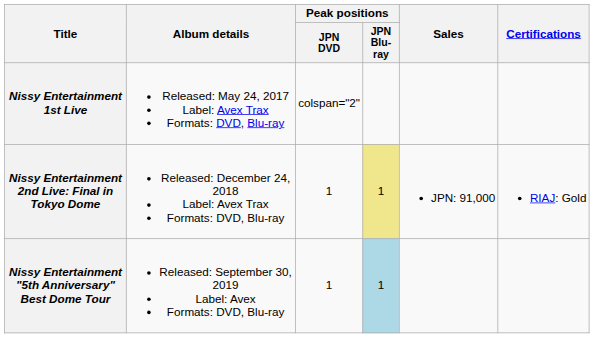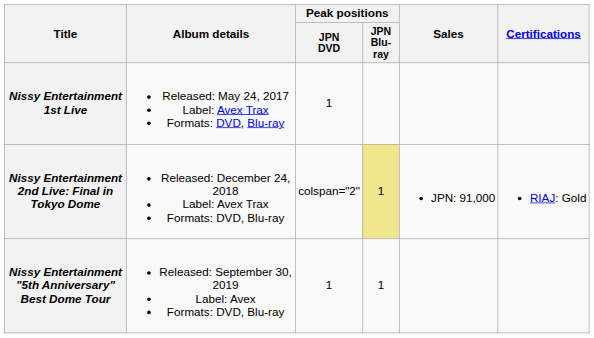 <table class="wikitable plainrowheaders" style="text-align:center;">
 <tr>
 <th scope="col" style="width:10em;" rowspan="2">Title</th>
 <th scope="col" style="width:14em;" rowspan="2">Album details</th>
 <th scope="col" colspan="2">Peak positions</th>
 <th scope="col" rowspan="2">Sales</th>
 <th scope="col" rowspan="2"><a href='#'>Certifications</a></th>
 </tr>
 <tr>
 <th scope="col" style="width:3em;font-size:90%;">JPN<br>DVD<br></th>
 <th scope="col" style="width:3em;font-size:90%;">JPN<br>Blu-ray<br></th>
 </tr>
 <tr>
 <th scope="row"><em>Nissy Entertainment 1st Live</em></th>
 <td><br><ul><li>Released: May 24, 2017</li><li>Label: <a href='#'>Avex Trax</a></li><li>Formats: <a href='#'>DVD</a>, <a href='#'>Blu-ray</a></li></ul></td>
-<td>colspan="2" </td>
+<td>1</td>
 <td></td>
 <td></td>
 </tr>
 <tr>
 <th scope="row"><em>Nissy Entertainment 2nd Live: Final in Tokyo Dome</em></th>
 <td><br><ul><li>Released: December 24, 2018</li><li>Label: Avex Trax</li><li>Formats: DVD, Blu-ray</li></ul></td>
-<td>1</td>
+<td>colspan="2" </td>
 <td style="background: khaki;">1</td>
 <td><br><ul><li>JPN: 91,000 </li></ul></td>
 <td><br><ul><li><a href='#'>RIAJ</a>: Gold</li></ul></td>
 </tr>
 <tr>
 <th scope="row"><em>Nissy Entertainment "5th Anniversary" Best Dome Tour</em></th>
 <td><br><ul><li>Released: September 30, 2019</li><li>Label: Avex</li><li>Formats: DVD, Blu-ray</li></ul></td>
 <td>1</td>
-<td style="background: lightblue;">1</td>
+<td>1</td>
 <td></td>
 <td></td>
 </tr>
 </table>
